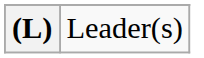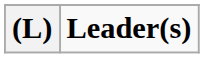 <table class="wikitable">
 <tr>
 </tr>
 <tr>
 <th>(L)</th>
-<td>Leader(s)</td>
+<td><strong>Leader(s)</strong></td>
 </tr>
 </table>
